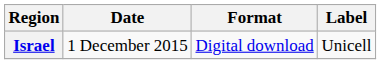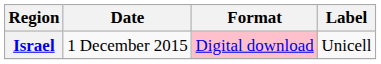 <table class="wikitable plainrowheaders">
 <tr>
 <th scope="col">Region</th>
 <th scope="col">Date</th>
 <th scope="col">Format</th>
 <th scope="col">Label</th>
 </tr>
 <tr>
 <th scope="row"><a href='#'>Israel</a></th>
 <td>1 December 2015</td>
-<td><a href='#'>Digital download</a></td>
+<td style="background: pink;"><a href='#'>Digital download</a></td>
 <td>Unicell</td>
 </tr>
 <tr>
 </tr>
 </table>
